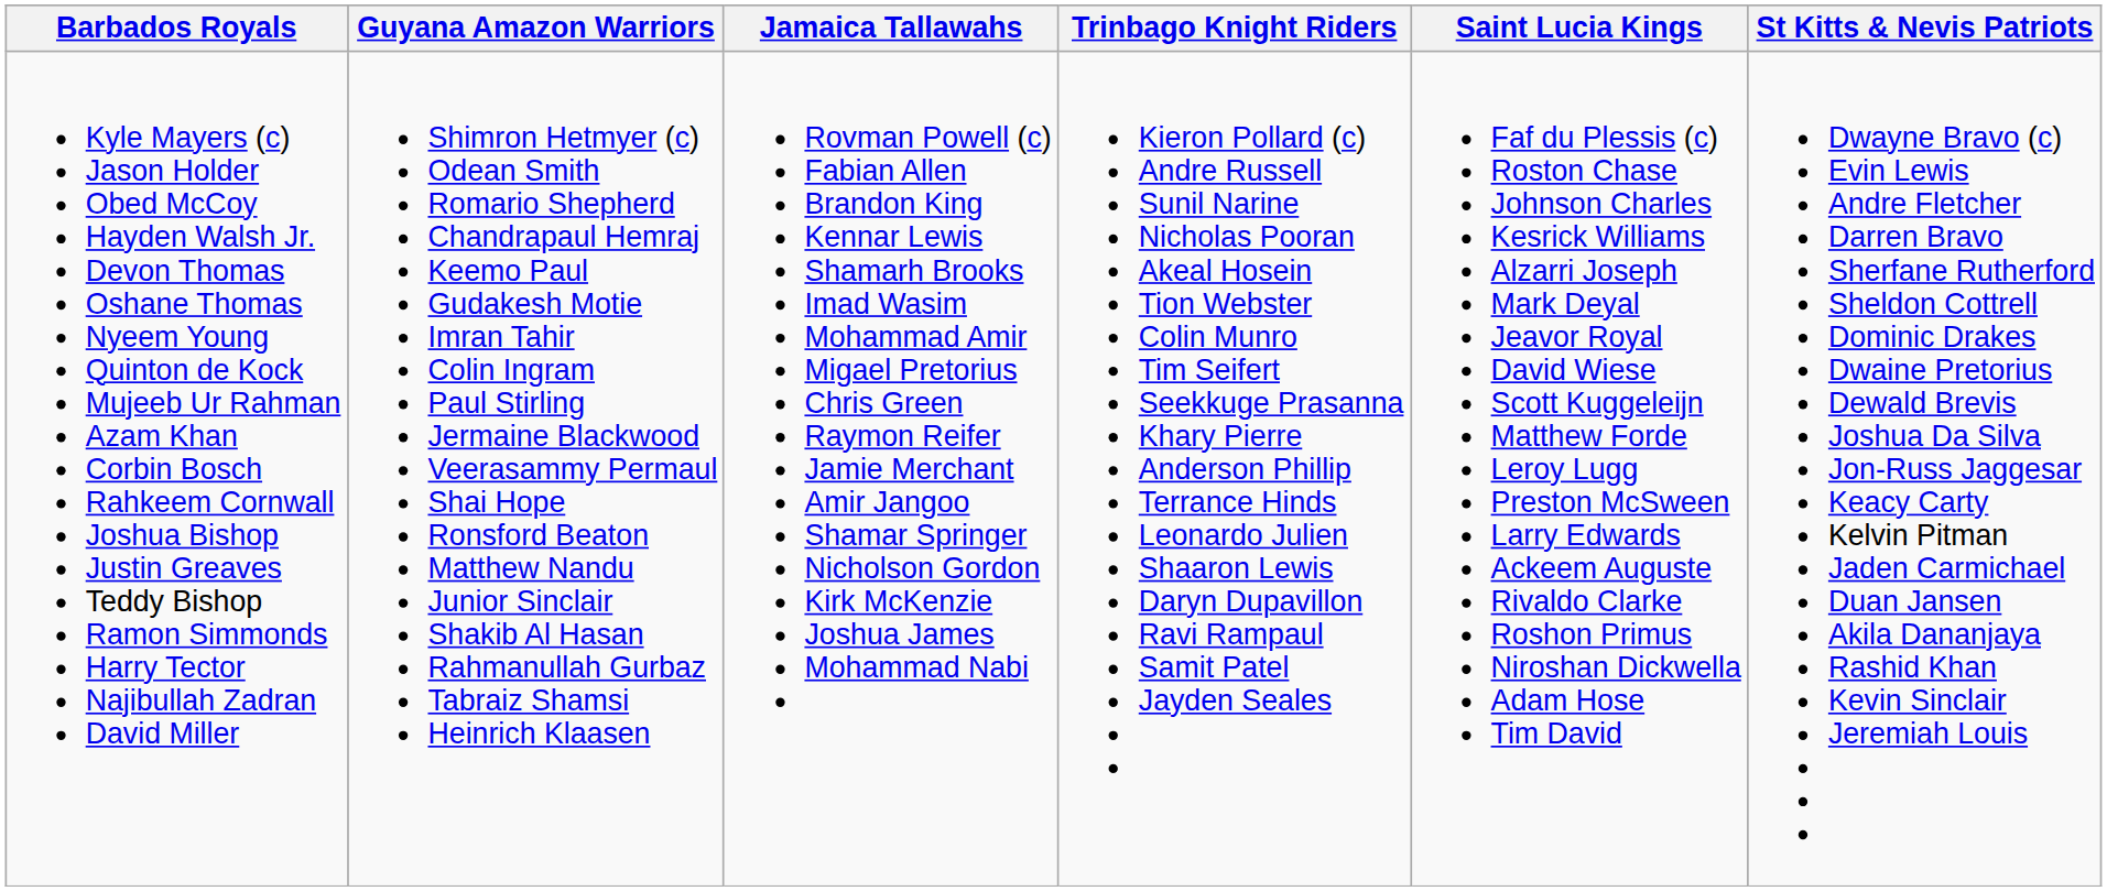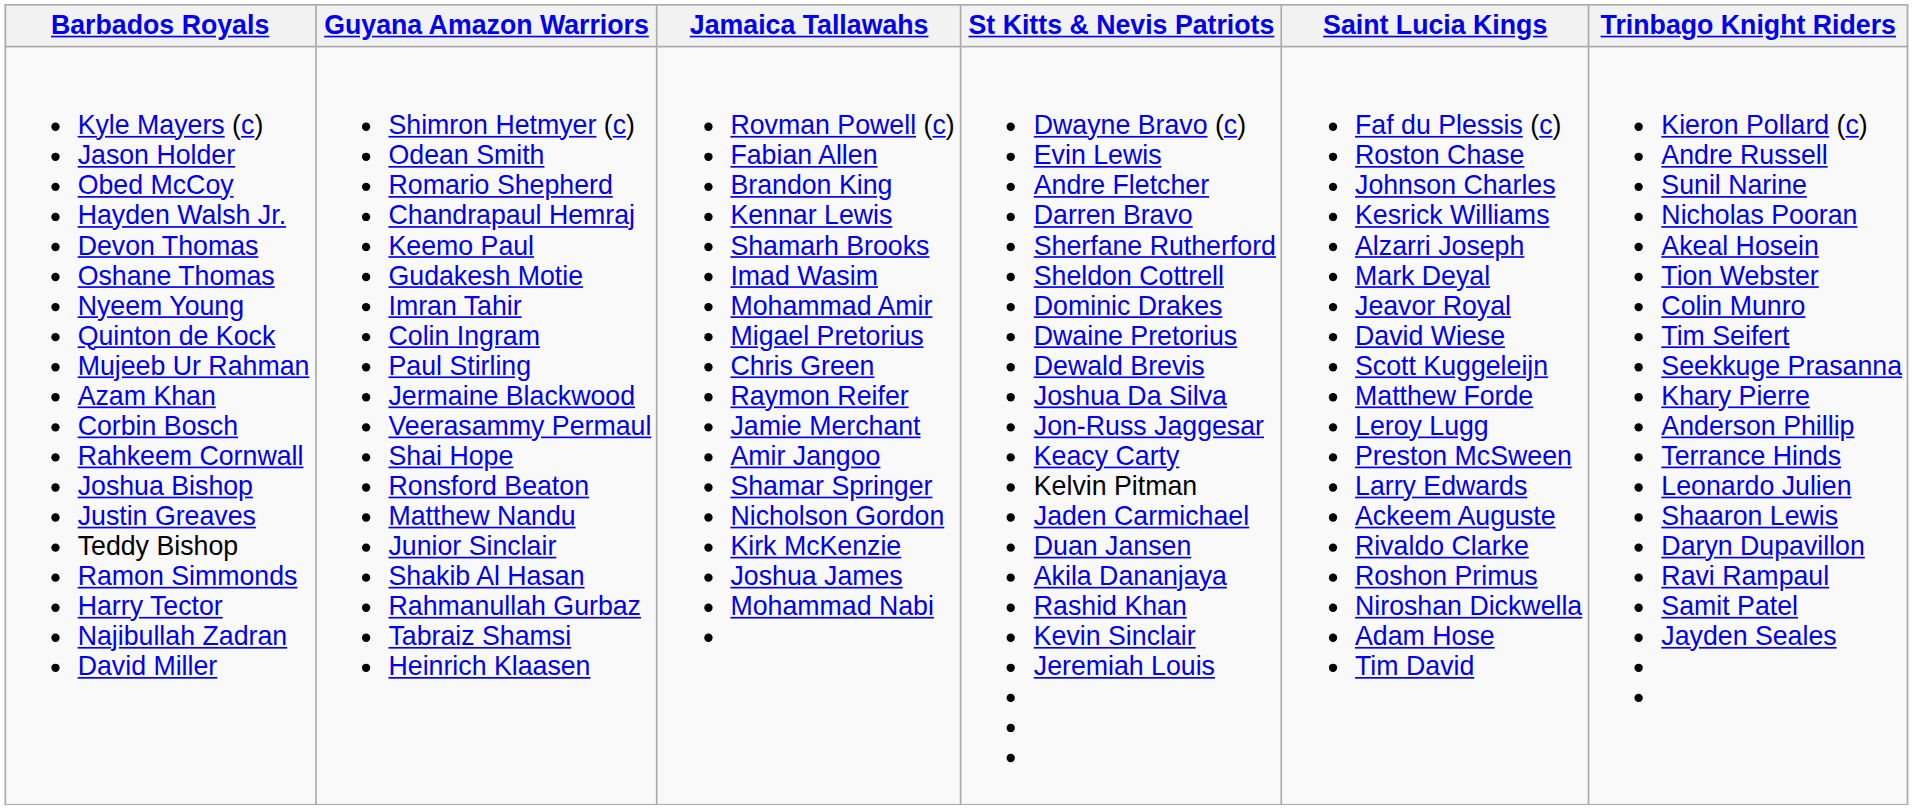 <table class="wikitable" style="text-align:left; margin:auto">
 <tr>
 <th><a href='#'>Barbados Royals</a></th>
 <th><a href='#'>Guyana Amazon Warriors</a></th>
 <th><a href='#'>Jamaica Tallawahs</a></th>
+<th><a href='#'>St Kitts & Nevis Patriots</a></th>
+<th><a href='#'>Saint Lucia Kings</a></th>
 <th><a href='#'>Trinbago Knight Riders</a></th>
-<th><a href='#'>Saint Lucia Kings</a></th>
-<th><a href='#'>St Kitts & Nevis Patriots</a></th>
 </tr>
 <tr style="vertical-align:top">
 <td><br><ul><li><a href='#'>Kyle Mayers</a> (<a href='#'>c</a>)</li><li><a href='#'>Jason Holder</a></li><li><a href='#'>Obed McCoy</a></li><li><a href='#'>Hayden Walsh Jr.</a></li><li><a href='#'>Devon Thomas</a></li><li><a href='#'>Oshane Thomas</a></li><li><a href='#'>Nyeem Young</a></li><li><a href='#'>Quinton de Kock</a></li><li><a href='#'>Mujeeb Ur Rahman</a></li><li><a href='#'>Azam Khan</a></li><li><a href='#'>Corbin Bosch</a></li><li><a href='#'>Rahkeem Cornwall</a></li><li><a href='#'>Joshua Bishop</a></li><li><a href='#'>Justin Greaves</a></li><li>Teddy Bishop</li><li><a href='#'>Ramon Simmonds</a></li><li><a href='#'>Harry Tector</a></li><li><a href='#'>Najibullah Zadran</a></li><li><a href='#'>David Miller</a></li></ul></td>
 <td><br><ul><li><a href='#'>Shimron Hetmyer</a> (<a href='#'>c</a>)</li><li><a href='#'>Odean Smith</a></li><li><a href='#'>Romario Shepherd</a></li><li><a href='#'>Chandrapaul Hemraj</a></li><li><a href='#'>Keemo Paul</a></li><li><a href='#'>Gudakesh Motie</a></li><li><a href='#'>Imran Tahir</a></li><li><a href='#'>Colin Ingram</a></li><li><a href='#'>Paul Stirling</a></li><li><a href='#'>Jermaine Blackwood</a></li><li><a href='#'>Veerasammy Permaul</a></li><li><a href='#'>Shai Hope</a></li><li><a href='#'>Ronsford Beaton</a></li><li><a href='#'>Matthew Nandu</a></li><li><a href='#'>Junior Sinclair</a></li><li><a href='#'>Shakib Al Hasan</a></li><li><a href='#'>Rahmanullah Gurbaz</a></li><li><a href='#'>Tabraiz Shamsi</a></li><li><a href='#'>Heinrich Klaasen</a></li></ul></td>
 <td><br><ul><li><a href='#'>Rovman Powell</a> (<a href='#'>c</a>)</li><li><a href='#'>Fabian Allen</a></li><li><a href='#'>Brandon King</a></li><li><a href='#'>Kennar Lewis</a></li><li><a href='#'>Shamarh Brooks</a></li><li><a href='#'>Imad Wasim</a></li><li><a href='#'>Mohammad Amir</a></li><li><a href='#'>Migael Pretorius</a></li><li><a href='#'>Chris Green</a></li><li><a href='#'>Raymon Reifer</a></li><li><a href='#'>Jamie Merchant</a></li><li><a href='#'>Amir Jangoo</a></li><li><a href='#'>Shamar Springer</a></li><li><a href='#'>Nicholson Gordon</a></li><li><a href='#'>Kirk McKenzie</a></li><li><a href='#'>Joshua James</a></li><li><a href='#'>Mohammad Nabi</a></li><li></li></ul></td>
+<td><br><ul><li><a href='#'>Dwayne Bravo</a> (<a href='#'>c</a>)</li><li><a href='#'>Evin Lewis</a></li><li><a href='#'>Andre Fletcher</a></li><li><a href='#'>Darren Bravo</a></li><li><a href='#'>Sherfane Rutherford</a></li><li><a href='#'>Sheldon Cottrell</a></li><li><a href='#'>Dominic Drakes</a></li><li><a href='#'>Dwaine Pretorius</a></li><li><a href='#'>Dewald Brevis</a></li><li><a href='#'>Joshua Da Silva</a></li><li><a href='#'>Jon-Russ Jaggesar</a></li><li><a href='#'>Keacy Carty</a></li><li>Kelvin Pitman</li><li><a href='#'>Jaden Carmichael</a></li><li><a href='#'>Duan Jansen</a></li><li><a href='#'>Akila Dananjaya</a></li><li><a href='#'>Rashid Khan</a></li><li><a href='#'>Kevin Sinclair</a></li><li><a href='#'>Jeremiah Louis</a></li><li></li><li></li><li></li></ul></td>
+<td><br><ul><li><a href='#'>Faf du Plessis</a> (<a href='#'>c</a>)</li><li><a href='#'>Roston Chase</a></li><li><a href='#'>Johnson Charles</a></li><li><a href='#'>Kesrick Williams</a></li><li><a href='#'>Alzarri Joseph</a></li><li><a href='#'>Mark Deyal</a></li><li><a href='#'>Jeavor Royal</a></li><li><a href='#'>David Wiese</a></li><li><a href='#'>Scott Kuggeleijn</a></li><li><a href='#'>Matthew Forde</a></li><li><a href='#'>Leroy Lugg</a></li><li><a href='#'>Preston McSween</a></li><li><a href='#'>Larry Edwards</a></li><li><a href='#'>Ackeem Auguste</a></li><li><a href='#'>Rivaldo Clarke</a></li><li><a href='#'>Roshon Primus</a></li><li><a href='#'>Niroshan Dickwella</a></li><li><a href='#'>Adam Hose</a></li><li><a href='#'>Tim David</a></li></ul></td>
 <td><br><ul><li><a href='#'>Kieron Pollard</a> (<a href='#'>c</a>)</li><li><a href='#'>Andre Russell</a></li><li><a href='#'>Sunil Narine</a></li><li><a href='#'>Nicholas Pooran</a></li><li><a href='#'>Akeal Hosein</a></li><li><a href='#'>Tion Webster</a></li><li><a href='#'>Colin Munro</a></li><li><a href='#'>Tim Seifert</a></li><li><a href='#'>Seekkuge Prasanna</a></li><li><a href='#'>Khary Pierre</a></li><li><a href='#'>Anderson Phillip</a></li><li><a href='#'>Terrance Hinds</a></li><li><a href='#'>Leonardo Julien</a></li><li><a href='#'>Shaaron Lewis</a></li><li><a href='#'>Daryn Dupavillon</a></li><li><a href='#'>Ravi Rampaul</a></li><li><a href='#'>Samit Patel</a></li><li><a href='#'>Jayden Seales</a></li><li></li><li></li></ul></td>
-<td><br><ul><li><a href='#'>Faf du Plessis</a> (<a href='#'>c</a>)</li><li><a href='#'>Roston Chase</a></li><li><a href='#'>Johnson Charles</a></li><li><a href='#'>Kesrick Williams</a></li><li><a href='#'>Alzarri Joseph</a></li><li><a href='#'>Mark Deyal</a></li><li><a href='#'>Jeavor Royal</a></li><li><a href='#'>David Wiese</a></li><li><a href='#'>Scott Kuggeleijn</a></li><li><a href='#'>Matthew Forde</a></li><li><a href='#'>Leroy Lugg</a></li><li><a href='#'>Preston McSween</a></li><li><a href='#'>Larry Edwards</a></li><li><a href='#'>Ackeem Auguste</a></li><li><a href='#'>Rivaldo Clarke</a></li><li><a href='#'>Roshon Primus</a></li><li><a href='#'>Niroshan Dickwella</a></li><li><a href='#'>Adam Hose</a></li><li><a href='#'>Tim David</a></li></ul></td>
-<td><br><ul><li><a href='#'>Dwayne Bravo</a> (<a href='#'>c</a>)</li><li><a href='#'>Evin Lewis</a></li><li><a href='#'>Andre Fletcher</a></li><li><a href='#'>Darren Bravo</a></li><li><a href='#'>Sherfane Rutherford</a></li><li><a href='#'>Sheldon Cottrell</a></li><li><a href='#'>Dominic Drakes</a></li><li><a href='#'>Dwaine Pretorius</a></li><li><a href='#'>Dewald Brevis</a></li><li><a href='#'>Joshua Da Silva</a></li><li><a href='#'>Jon-Russ Jaggesar</a></li><li><a href='#'>Keacy Carty</a></li><li>Kelvin Pitman</li><li><a href='#'>Jaden Carmichael</a></li><li><a href='#'>Duan Jansen</a></li><li><a href='#'>Akila Dananjaya</a></li><li><a href='#'>Rashid Khan</a></li><li><a href='#'>Kevin Sinclair</a></li><li><a href='#'>Jeremiah Louis</a></li><li></li><li></li><li></li></ul></td>
 </tr>
 </table>
